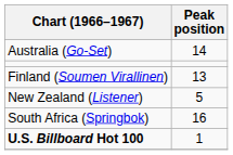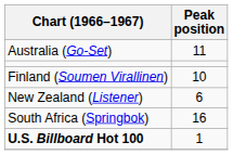 <table class="wikitable sortable">
 <tr>
 <th>Chart (1966–1967)</th>
 <th>Peak<br>position</th>
 </tr>
 <tr>
 <td>Australia (<em><a href='#'>Go-Set</a></em>)</td>
-<td align="center">14</td>
+<td align="center">11</td>
 </tr>
 <tr>
 <td></td>
 </tr>
 <tr>
 <td>Finland (<a href='#'><em>Soumen Virallinen</em></a>)</td>
-<td style="text-align:center;">13</td>
+<td style="text-align:center;">10</td>
 </tr>
 <tr>
 <td>New Zealand (<em><a href='#'>Listener</a></em>)</td>
-<td style="text-align:center;">5</td>
+<td style="text-align:center;">6</td>
 </tr>
 <tr>
 <td>South Africa (<a href='#'>Springbok</a>)</td>
 <td align="center">16</td>
 </tr>
 <tr>
 <td><strong>U.S. <em>Billboard</em> Hot 100</strong></td>
 <td align="center">1</td>
 </tr>
 <tr>
 </tr>
 </table>
